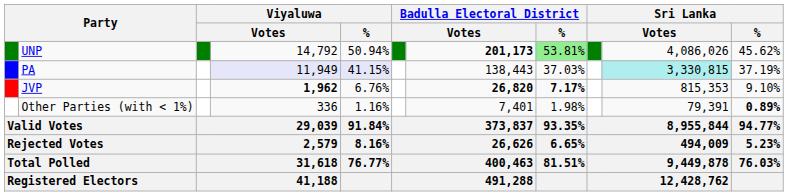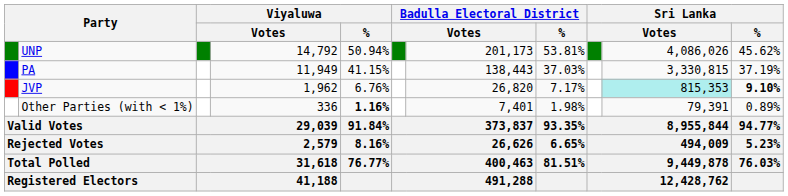 <table class="wikitable">
 <tr>
 <th colspan="2" width="144px"rowspan="2">Party</th>
 <th colspan="3" width="216px">Viyaluwa</th>
 <th colspan="3" width="216px"><a href='#'>Badulla Electoral District</a></th>
 <th colspan="3" width="216px">Sri Lanka</th>
 </tr>
 <tr>
 <th colspan="2" width="144px">Votes</th>
 <th>%</th>
 <th colspan="2" width="144px">Votes</th>
 <th>%</th>
 <th colspan="2" width="144px">Votes</th>
 <th>%</th>
 </tr>
 <tr>
 <td style="background-color:green;" width="10px"></td>
 <td style="text-align:left;"><a href='#'>UNP</a></td>
 <td style="background-color:green;" width="10px"></td>
 <td style="text-align:right;">14,792</td>
 <td style="text-align:right;">50.94%</td>
 <td style="background-color:green;" width="10px"></td>
-<td style="text-align:right;"><strong>201,173</strong></td>
-<td style="background: lightgreen; text-align:right;">53.81%</td>
+<td style="text-align:right;">201,173</td>
+<td style="text-align:right;">53.81%</td>
 <td style="background-color:green;" width="10px"></td>
 <td style="text-align:right;">4,086,026</td>
 <td style="text-align:right;">45.62%</td>
 </tr>
 <tr>
 <td style="background-color:blue;" width="10px"></td>
 <td style="text-align:left;"><a href='#'>PA</a></td>
 <td style="background-color:white;" width="10px"></td>
-<td style="background: lavender; text-align:right;">11,949</td>
-<td style="background: lavender; text-align:right;">41.15%</td>
+<td style="text-align:right;">11,949</td>
+<td style="text-align:right;">41.15%</td>
 <td style="background-color:white;" width="10px"></td>
 <td style="text-align:right;">138,443</td>
 <td style="text-align:right;">37.03%</td>
 <td style="background-color:white;" width="10px"></td>
-<td style="background: paleturquoise; text-align:right;">3,330,815</td>
+<td style="text-align:right;">3,330,815</td>
 <td style="text-align:right;">37.19%</td>
 </tr>
 <tr>
 <td style="background-color:red;" width="10px"></td>
 <td style="text-align:left;"><a href='#'>JVP</a></td>
 <td style="background-color:white;" width="10px"></td>
-<td style="text-align:right;"><strong>1,962</strong></td>
+<td style="text-align:right;">1,962</td>
 <td style="text-align:right;">6.76%</td>
 <td style="background-color:white;" width="10px"></td>
-<td style="text-align:right;"><strong>26,820</strong></td>
-<td style="text-align:right;"><strong>7.17%</strong></td>
+<td style="text-align:right;">26,820</td>
+<td style="text-align:right;">7.17%</td>
 <td style="background-color:white;" width="10px"></td>
-<td style="text-align:right;">815,353</td>
-<td style="text-align:right;">9.10%</td>
+<td style="background: paleturquoise; text-align:right;">815,353</td>
+<td style="text-align:right;"><strong>9.10%</strong></td>
 </tr>
 <tr>
 <td style="background-color:white;" width="10px"></td>
 <td style="text-align:left;">Other Parties (with < 1%)</td>
 <td style="background-color:white;" width="10px"></td>
 <td style="text-align:right;">336</td>
-<td style="text-align:right;">1.16%</td>
+<td style="text-align:right;"><strong>1.16%</strong></td>
 <td style="background-color:white;" width="10px"></td>
 <td style="text-align:right;">7,401</td>
 <td style="text-align:right;">1.98%</td>
 <td style="background-color:white;" width="10px"></td>
 <td style="text-align:right;">79,391</td>
-<td style="text-align:right;"><strong>0.89%</strong></td>
+<td style="text-align:right;">0.89%</td>
 </tr>
 <tr>
 <th colspan="2" width="144px"style="text-align:left;">Valid Votes</th>
 <th style="text-align:right;"colspan="2" width="144px">29,039</th>
 <th style="text-align:right;">91.84%</th>
 <th style="text-align:right;"colspan="2" width="144px">373,837</th>
 <th style="text-align:right;">93.35%</th>
 <th style="text-align:right;"colspan="2" width="144px">8,955,844</th>
 <th style="text-align:right;">94.77%</th>
 </tr>
 <tr>
 <th colspan="2" width="144px"style="text-align:left;">Rejected Votes</th>
 <th style="text-align:right;"colspan="2" width="144px">2,579</th>
 <th style="text-align:right;">8.16%</th>
 <th style="text-align:right;"colspan="2" width="144px">26,626</th>
 <th style="text-align:right;">6.65%</th>
 <th style="text-align:right;"colspan="2" width="144px">494,009</th>
 <th style="text-align:right;">5.23%</th>
 </tr>
 <tr>
 <th colspan="2" width="144px"style="text-align:left;">Total Polled</th>
 <th style="text-align:right;"colspan="2" width="144px">31,618</th>
 <th style="text-align:right;">76.77%</th>
 <th style="text-align:right;"colspan="2" width="144px">400,463</th>
 <th style="text-align:right;">81.51%</th>
 <th style="text-align:right;"colspan="2" width="144px">9,449,878</th>
 <th style="text-align:right;">76.03%</th>
 </tr>
 <tr>
 <th colspan="2" width="144px"style="text-align:left;">Registered Electors</th>
 <th style="text-align:right;"colspan="2" width="144px">41,188</th>
 <th></th>
 <th style="text-align:right;"colspan="2" width="144px">491,288</th>
 <th></th>
 <th style="text-align:right;"colspan="2" width="144px">12,428,762</th>
 <th></th>
 </tr>
 </table>
